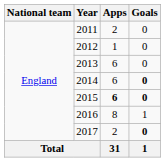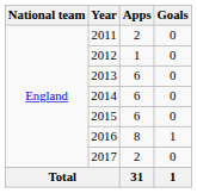 <table class=wikitable style=text-align:center>
 <tr>
 <th>National team</th>
 <th>Year</th>
 <th>Apps</th>
 <th>Goals</th>
 </tr>
 <tr>
 <td rowspan=7><a href='#'>England</a></td>
 <td>2011</td>
 <td>2</td>
 <td>0</td>
 </tr>
 <tr>
 <td>2012</td>
 <td>1</td>
 <td>0</td>
 </tr>
 <tr>
 <td>2013</td>
 <td>6</td>
 <td>0</td>
 </tr>
 <tr>
 <td>2014</td>
 <td>6</td>
-<td><strong>0</strong></td>
+<td>0</td>
 </tr>
 <tr>
 <td>2015</td>
-<td><strong>6</strong></td>
-<td><strong>0</strong></td>
+<td>6</td>
+<td>0</td>
 </tr>
 <tr>
 <td>2016</td>
 <td>8</td>
 <td>1</td>
 </tr>
 <tr>
 <td>2017</td>
 <td>2</td>
-<td><strong>0</strong></td>
+<td>0</td>
 </tr>
 <tr>
 <th colspan=2>Total</th>
 <th>31</th>
 <th>1</th>
 </tr>
 </table>
